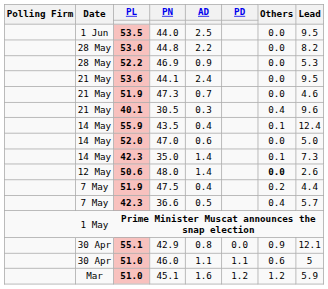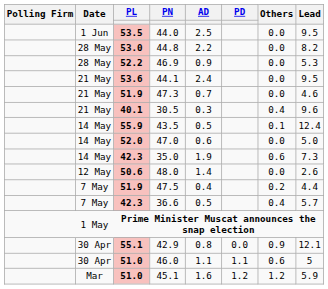 <table class="wikitable sortable" style="text-align:center;font-size:90%;line-height:14px;">
 <tr>
 <th rowspan="2">Polling Firm</th>
 <th rowspan="2">Date</th>
 <th style="width:40px;"><a href='#'>PL</a></th>
 <th style="width:40px;"><a href='#'>PN</a></th>
 <th style="width:40px;"><a href='#'>AD</a></th>
 <th style="width:40px;"><a href='#'>PD</a></th>
 <th style="width:40px;" rowspan="2">Others</th>
 <th style="width:30px;" rowspan="2">Lead</th>
 </tr>
 <tr>
 <th style="background:"></th>
 <th style="background:"></th>
 <th style="background:"></th>
 <th style="background:"></th>
 </tr>
 <tr>
 <td></td>
 <td>1 Jun</td>
 <td style="background:#F8C1BE"><strong>53.5</strong></td>
 <td>44.0</td>
 <td>2.5</td>
 <td></td>
 <td>0.0</td>
 <td style="background:">9.5</td>
 </tr>
 <tr>
 <td></td>
 <td>28 May</td>
 <td style="background:#F8C1BE"><strong>53.0</strong></td>
 <td>44.8</td>
 <td>2.2</td>
 <td></td>
 <td>0.0</td>
 <td style="background:">8.2</td>
 </tr>
 <tr>
 <td></td>
 <td>28 May</td>
 <td style="background:#F8C1BE"><strong>52.2</strong></td>
 <td>46.9</td>
 <td>0.9</td>
 <td></td>
 <td>0.0</td>
 <td style="background:">5.3</td>
 </tr>
 <tr>
 <td></td>
 <td>21 May</td>
 <td style="background:#F8C1BE"><strong>53.6</strong></td>
 <td>44.1</td>
 <td>2.4</td>
 <td></td>
 <td>0.0</td>
 <td style="background:">9.5</td>
 </tr>
 <tr>
 <td></td>
 <td>21 May</td>
 <td style="background:#F8C1BE"><strong>51.9</strong></td>
 <td>47.3</td>
 <td>0.7</td>
 <td></td>
 <td>0.0</td>
 <td style="background:">4.6</td>
 </tr>
 <tr>
 <td></td>
 <td>21 May</td>
 <td style="background:#F8C1BE"><strong>40.1</strong></td>
 <td>30.5</td>
 <td>0.3</td>
 <td></td>
 <td>0.4</td>
 <td style="background:">9.6</td>
 </tr>
 <tr>
 <td></td>
 <td>14 May</td>
 <td style="background:#F8C1BE"><strong>55.9</strong></td>
 <td>43.5</td>
-<td>0.4</td>
+<td>0.5</td>
 <td></td>
 <td>0.1</td>
 <td style="background:">12.4</td>
 </tr>
 <tr>
 <td></td>
 <td>14 May</td>
 <td style="background:#F8C1BE"><strong>52.0</strong></td>
 <td>47.0</td>
 <td>0.6</td>
 <td></td>
 <td>0.0</td>
 <td style="background:">5.0</td>
 </tr>
 <tr>
 <td></td>
 <td>14 May</td>
 <td style="background:#F8C1BE"><strong>42.3</strong></td>
 <td>35.0</td>
-<td>1.4</td>
+<td>1.9</td>
 <td></td>
-<td>0.1</td>
+<td>0.6</td>
 <td style="background:">7.3</td>
 </tr>
 <tr>
 <td></td>
 <td>12 May</td>
 <td style="background:#F8C1BE"><strong>50.6</strong></td>
 <td>48.0</td>
 <td>1.4</td>
 <td></td>
-<td><strong>0.0</strong></td>
+<td>0.0</td>
 <td style="background:">2.6</td>
 </tr>
 <tr>
 <td></td>
 <td>7 May</td>
 <td style="background:#F8C1BE"><strong>51.9</strong></td>
 <td>47.5</td>
 <td>0.4</td>
 <td></td>
 <td>0.2</td>
 <td style="background:">4.4</td>
 </tr>
 <tr>
 <td></td>
 <td>7 May</td>
 <td style="background:#F8C1BE"><strong>42.3</strong></td>
 <td>36.6</td>
 <td>0.5</td>
 <td></td>
 <td>0.4</td>
 <td style="background:">5.7</td>
 </tr>
 <tr>
 <td style="border-right-style:hidden;"></td>
 <td style="border-right-style:hidden;">1 May</td>
 <td colspan="6"><strong>Prime Minister Muscat announces the snap election</strong></td>
 </tr>
 <tr>
 <td></td>
 <td>30 Apr</td>
 <td style="background:#F8C1BE"><strong>55.1</strong></td>
 <td>42.9</td>
 <td>0.8</td>
 <td>0.0</td>
 <td>0.9</td>
 <td style="background:">12.1</td>
 </tr>
 <tr>
 <td></td>
 <td>30 Apr</td>
 <td style="background:#F8C1BE"><strong>51.0</strong></td>
 <td>46.0</td>
 <td>1.1</td>
 <td>1.1</td>
 <td>0.6</td>
 <td style="background:">5</td>
 </tr>
 <tr>
 <td></td>
 <td>Mar</td>
 <td style="background:#F8C1BE"><strong>51.0</strong></td>
 <td>45.1</td>
 <td>1.6</td>
 <td>1.2</td>
 <td>1.2</td>
 <td style="background:">5.9</td>
 </tr>
 </table>
